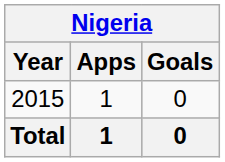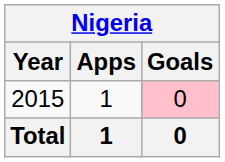 <table class="wikitable" style="text-align:center">
 <tr>
 <th colspan=3><a href='#'>Nigeria</a></th>
 </tr>
 <tr>
 <th>Year</th>
 <th>Apps</th>
 <th>Goals</th>
 </tr>
 <tr>
 <td>2015</td>
 <td>1</td>
-<td>0</td>
+<td style="background: pink;">0</td>
 </tr>
 <tr>
 <th>Total</th>
 <th>1</th>
 <th>0</th>
 </tr>
 </table>
